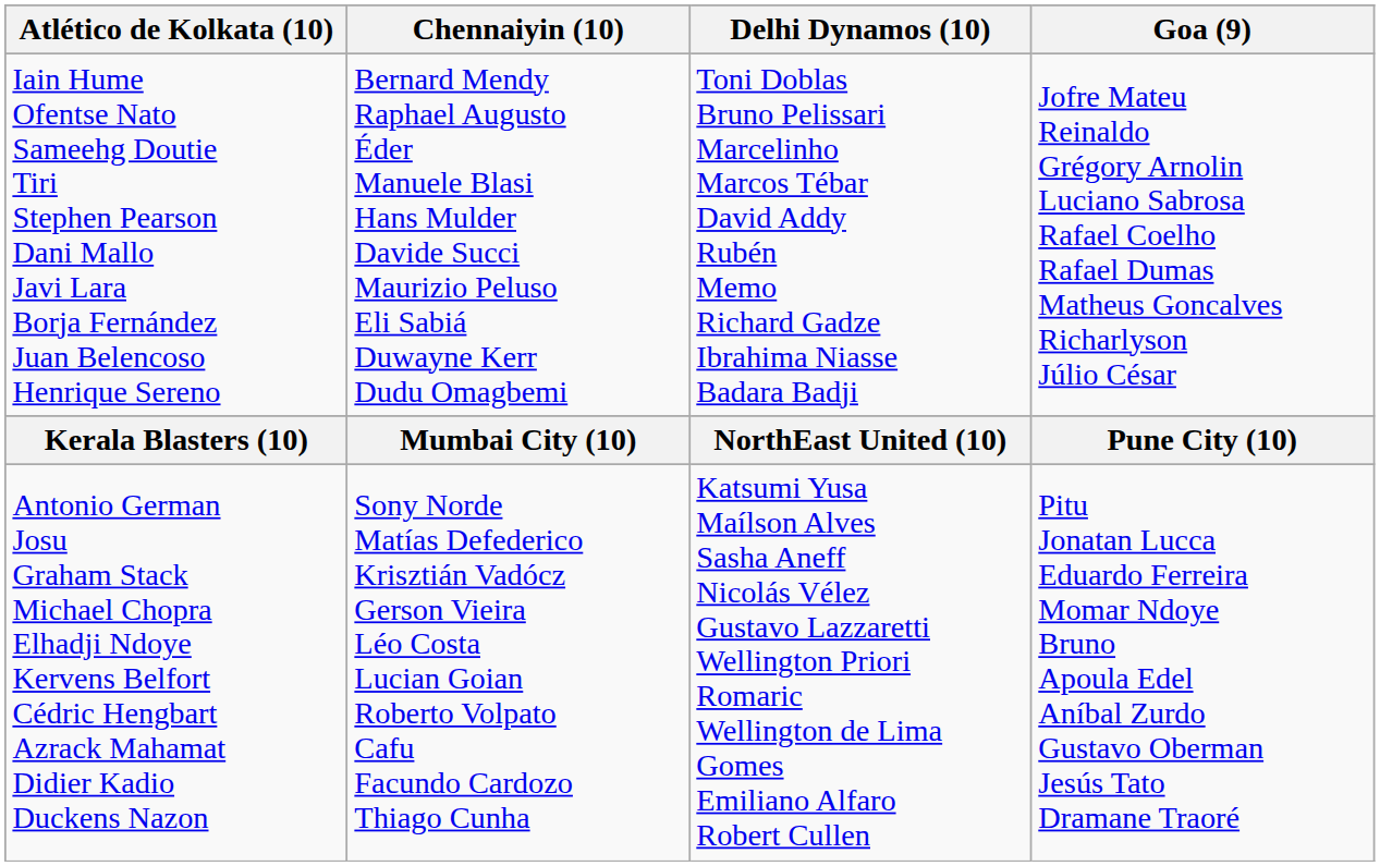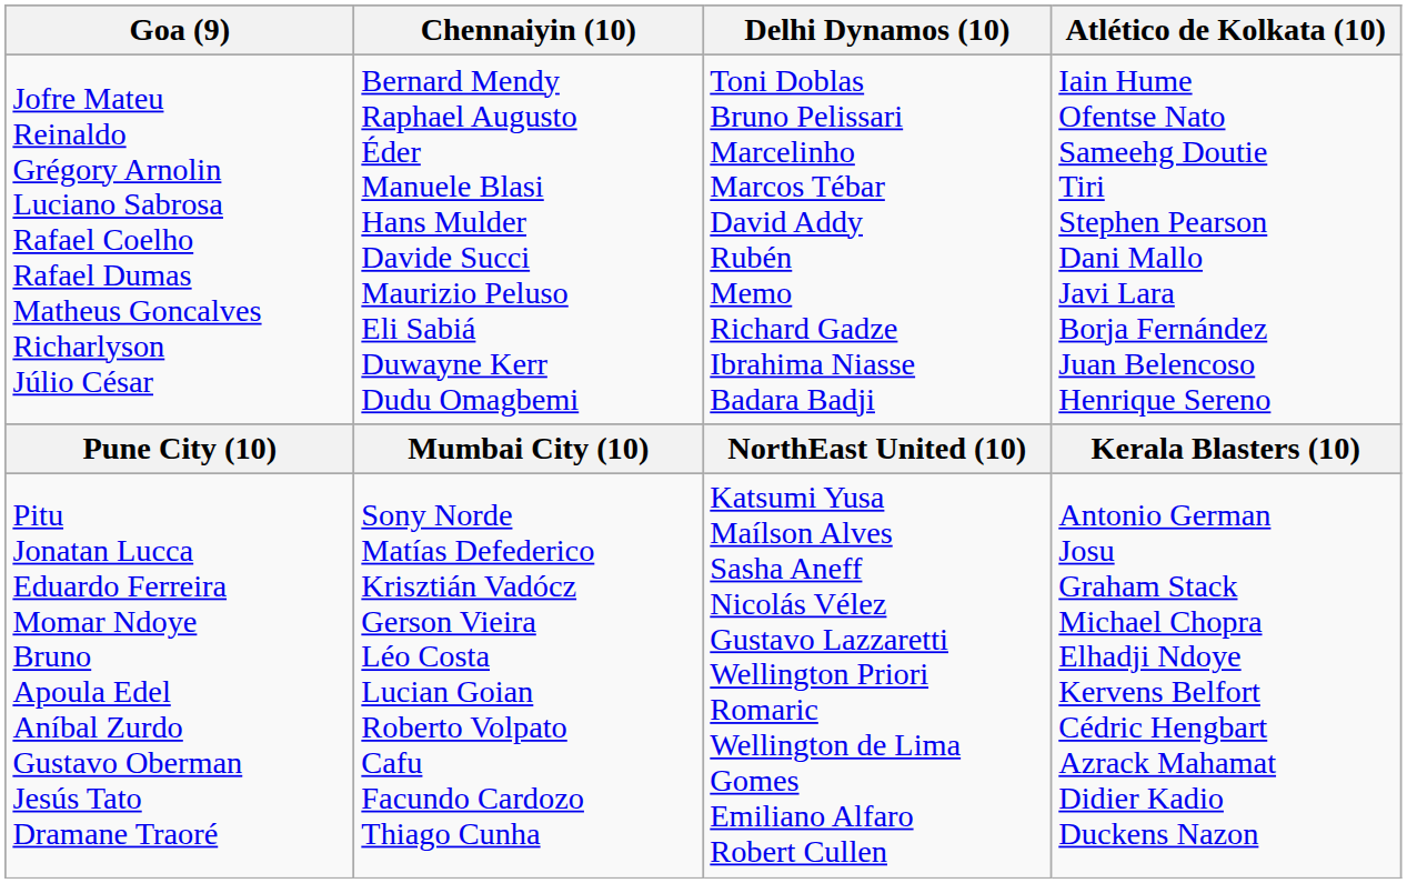 <table class="wikitable">
 <tr>
-<th style="width:170px;">Atlético de Kolkata (10)</th>
+<th style="width:170px;">Goa (9)</th>
 <th style="width:170px;">Chennaiyin (10)</th>
 <th style="width:170px;">Delhi Dynamos (10)</th>
-<th style="width:170px;">Goa (9)</th>
+<th style="width:170px;">Atlético de Kolkata (10)</th>
 </tr>
 <tr>
-<td> <a href='#'>Iain Hume</a><br> <a href='#'>Ofentse Nato</a><br> <a href='#'>Sameehg Doutie</a><br> <a href='#'>Tiri</a><br> <a href='#'>Stephen Pearson</a><br> <a href='#'>Dani Mallo</a><br> <a href='#'>Javi Lara</a><br> <a href='#'>Borja Fernández</a><br> <a href='#'>Juan Belencoso</a><br> <a href='#'>Henrique Sereno</a></td>
+<td> <a href='#'>Jofre Mateu</a><br> <a href='#'>Reinaldo</a><br> <a href='#'>Grégory Arnolin</a><br> <a href='#'>Luciano Sabrosa</a><br> <a href='#'>Rafael Coelho</a><br> <a href='#'>Rafael Dumas</a><br> <a href='#'>Matheus Goncalves</a><br> <a href='#'>Richarlyson</a><br> <a href='#'>Júlio César</a></td>
 <td> <a href='#'>Bernard Mendy</a><br> <a href='#'>Raphael Augusto</a><br> <a href='#'>Éder</a><br> <a href='#'>Manuele Blasi</a><br> <a href='#'>Hans Mulder</a><br> <a href='#'>Davide Succi</a><br> <a href='#'>Maurizio Peluso</a><br> <a href='#'>Eli Sabiá</a><br> <a href='#'>Duwayne Kerr</a><br> <a href='#'>Dudu Omagbemi</a></td>
 <td> <a href='#'>Toni Doblas</a><br> <a href='#'>Bruno Pelissari</a><br> <a href='#'>Marcelinho</a><br> <a href='#'>Marcos Tébar</a><br> <a href='#'>David Addy</a><br> <a href='#'>Rubén</a><br> <a href='#'>Memo</a> <br> <a href='#'>Richard Gadze</a><br> <a href='#'>Ibrahima Niasse</a><br> <a href='#'>Badara Badji</a></td>
-<td> <a href='#'>Jofre Mateu</a><br> <a href='#'>Reinaldo</a><br> <a href='#'>Grégory Arnolin</a><br> <a href='#'>Luciano Sabrosa</a><br> <a href='#'>Rafael Coelho</a><br> <a href='#'>Rafael Dumas</a><br> <a href='#'>Matheus Goncalves</a><br> <a href='#'>Richarlyson</a><br> <a href='#'>Júlio César</a></td>
+<td> <a href='#'>Iain Hume</a><br> <a href='#'>Ofentse Nato</a><br> <a href='#'>Sameehg Doutie</a><br> <a href='#'>Tiri</a><br> <a href='#'>Stephen Pearson</a><br> <a href='#'>Dani Mallo</a><br> <a href='#'>Javi Lara</a><br> <a href='#'>Borja Fernández</a><br> <a href='#'>Juan Belencoso</a><br> <a href='#'>Henrique Sereno</a></td>
 </tr>
 <tr>
-<th style="width:170px;">Kerala Blasters (10)</th>
+<th style="width:170px;">Pune City (10)</th>
 <th style="width:170px;">Mumbai City (10)</th>
 <th style="width:170px;">NorthEast United (10)</th>
-<th style="width:170px;">Pune City (10)</th>
+<th style="width:170px;">Kerala Blasters (10)</th>
 </tr>
 <tr>
-<td> <a href='#'>Antonio German</a><br> <a href='#'>Josu</a><br> <a href='#'>Graham Stack</a><br> <a href='#'>Michael Chopra</a><br> <a href='#'>Elhadji Ndoye</a><br> <a href='#'>Kervens Belfort</a><br> <a href='#'>Cédric Hengbart</a><br> <a href='#'>Azrack Mahamat</a><br> <a href='#'>Didier Kadio</a><br> <a href='#'>Duckens Nazon</a></td>
+<td> <a href='#'>Pitu</a><br> <a href='#'>Jonatan Lucca</a><br> <a href='#'>Eduardo Ferreira</a><br> <a href='#'>Momar Ndoye</a><br> <a href='#'>Bruno</a><br> <a href='#'>Apoula Edel</a><br> <a href='#'>Aníbal Zurdo</a><br> <a href='#'>Gustavo Oberman</a><br> <a href='#'>Jesús Tato</a><br> <a href='#'>Dramane Traoré</a></td>
 <td> <a href='#'>Sony Norde</a><br> <a href='#'>Matías Defederico</a><br> <a href='#'>Krisztián Vadócz</a><br> <a href='#'>Gerson Vieira</a><br> <a href='#'>Léo Costa</a><br> <a href='#'>Lucian Goian</a><br> <a href='#'>Roberto Volpato</a><br> <a href='#'>Cafu</a><br> <a href='#'>Facundo Cardozo</a><br> <a href='#'>Thiago Cunha</a></td>
 <td> <a href='#'>Katsumi Yusa</a><br> <a href='#'>Maílson Alves</a><br> <a href='#'>Sasha Aneff</a><br> <a href='#'>Nicolás Vélez</a><br> <a href='#'>Gustavo Lazzaretti</a><br> <a href='#'>Wellington Priori</a><br> <a href='#'>Romaric</a><br> <a href='#'>Wellington de Lima Gomes</a><br> <a href='#'>Emiliano Alfaro</a><br> <a href='#'>Robert Cullen</a></td>
-<td> <a href='#'>Pitu</a><br> <a href='#'>Jonatan Lucca</a><br> <a href='#'>Eduardo Ferreira</a><br> <a href='#'>Momar Ndoye</a><br> <a href='#'>Bruno</a><br> <a href='#'>Apoula Edel</a><br> <a href='#'>Aníbal Zurdo</a><br> <a href='#'>Gustavo Oberman</a><br> <a href='#'>Jesús Tato</a><br> <a href='#'>Dramane Traoré</a></td>
+<td> <a href='#'>Antonio German</a><br> <a href='#'>Josu</a><br> <a href='#'>Graham Stack</a><br> <a href='#'>Michael Chopra</a><br> <a href='#'>Elhadji Ndoye</a><br> <a href='#'>Kervens Belfort</a><br> <a href='#'>Cédric Hengbart</a><br> <a href='#'>Azrack Mahamat</a><br> <a href='#'>Didier Kadio</a><br> <a href='#'>Duckens Nazon</a></td>
 </tr>
 </table>
